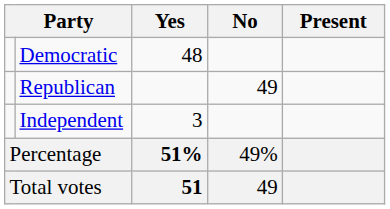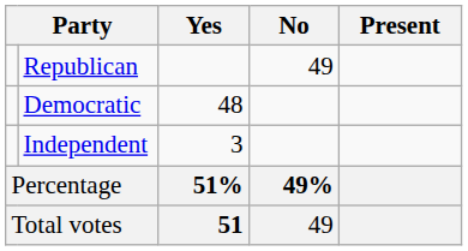 <table class="wikitable" style="margin-right: 1em; background: #f9f9f9; text-align: right;">
 <tr>
 <th colspan="2" scope="col" style="width: 90px">Party</th>
 <th scope="col" style="width: 50px">Yes</th>
 <th scope="col" style="width: 50px">No</th>
 <th scope="col" style="width: 70px">Present</th>
 </tr>
 <tr>
 <td scope="row" style="background-color:"></td>
-<td scope="row" style="text-align: left;"><a href='#'>Democratic</a></td>
-<td>48</td>
+<td scope="row" style="text-align: left;"><a href='#'>Republican</a></td>
 <td></td>
+<td>49</td>
 <td></td>
 </tr>
 <tr>
 <td scope="row" style="background-color:"></td>
-<td scope="row" style="text-align: left;"><a href='#'>Republican</a></td>
+<td scope="row" style="text-align: left;"><a href='#'>Democratic</a></td>
+<td>48</td>
 <td></td>
-<td>49</td>
 <td></td>
 </tr>
 <tr>
 <td scope="row" style="background-color:"></td>
 <td scope="row" style="text-align: left;"><a href='#'>Independent</a></td>
 <td>3</td>
 <td></td>
 <td></td>
 </tr>
 <tr class="tfoot" style="background:#f2f2f2;"|>
 <td scope="row" colspan="2" style="text-align:left;">Percentage</td>
 <td><strong>51%</strong></td>
-<td>49%</td>
+<td><strong>49%</strong></td>
 <td></td>
 </tr>
 <tr class="tfoot" style="background:#f2f2f2;">
 <td scope="row" colspan="2" style="text-align:left;">Total votes</td>
 <td> <strong>51</strong></td>
 <td>49</td>
 <td></td>
 </tr>
 </table>
